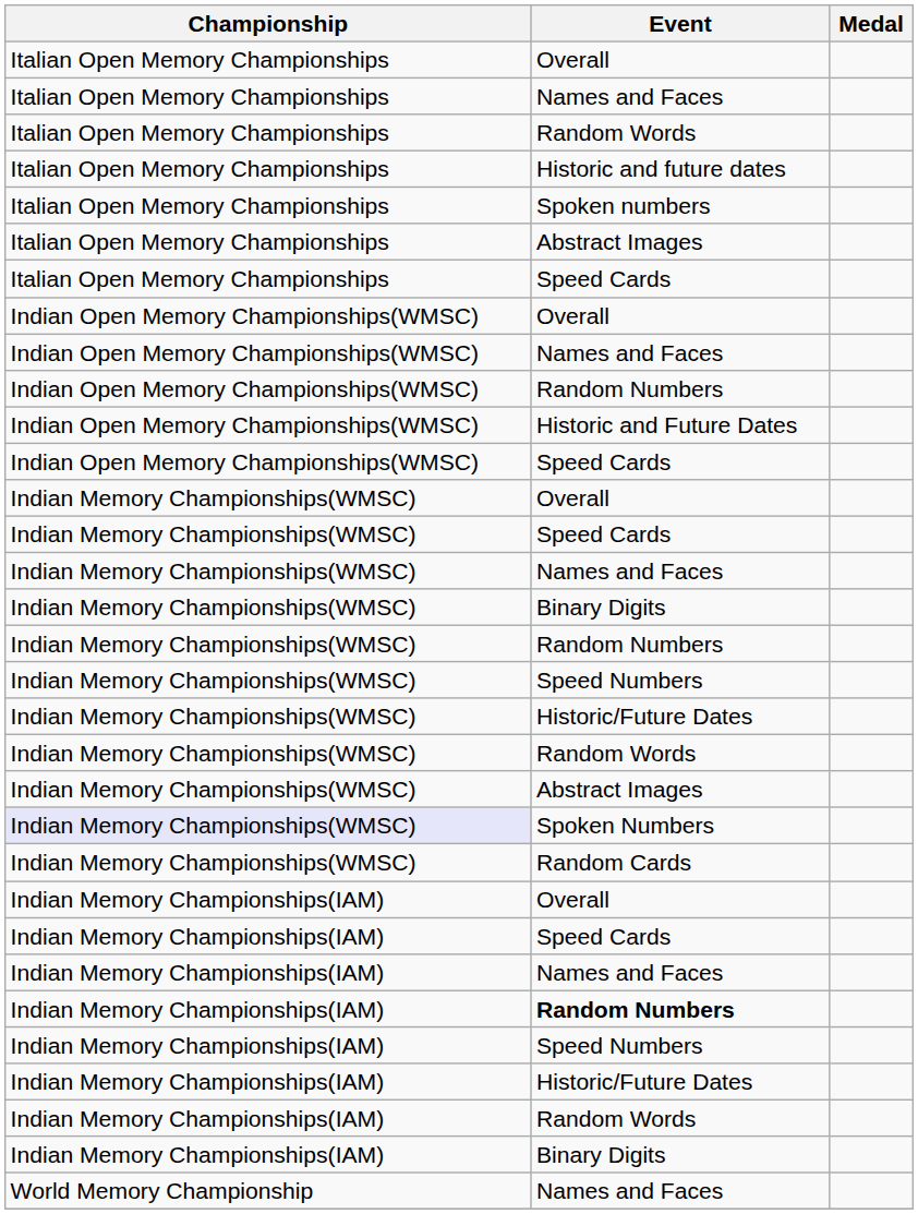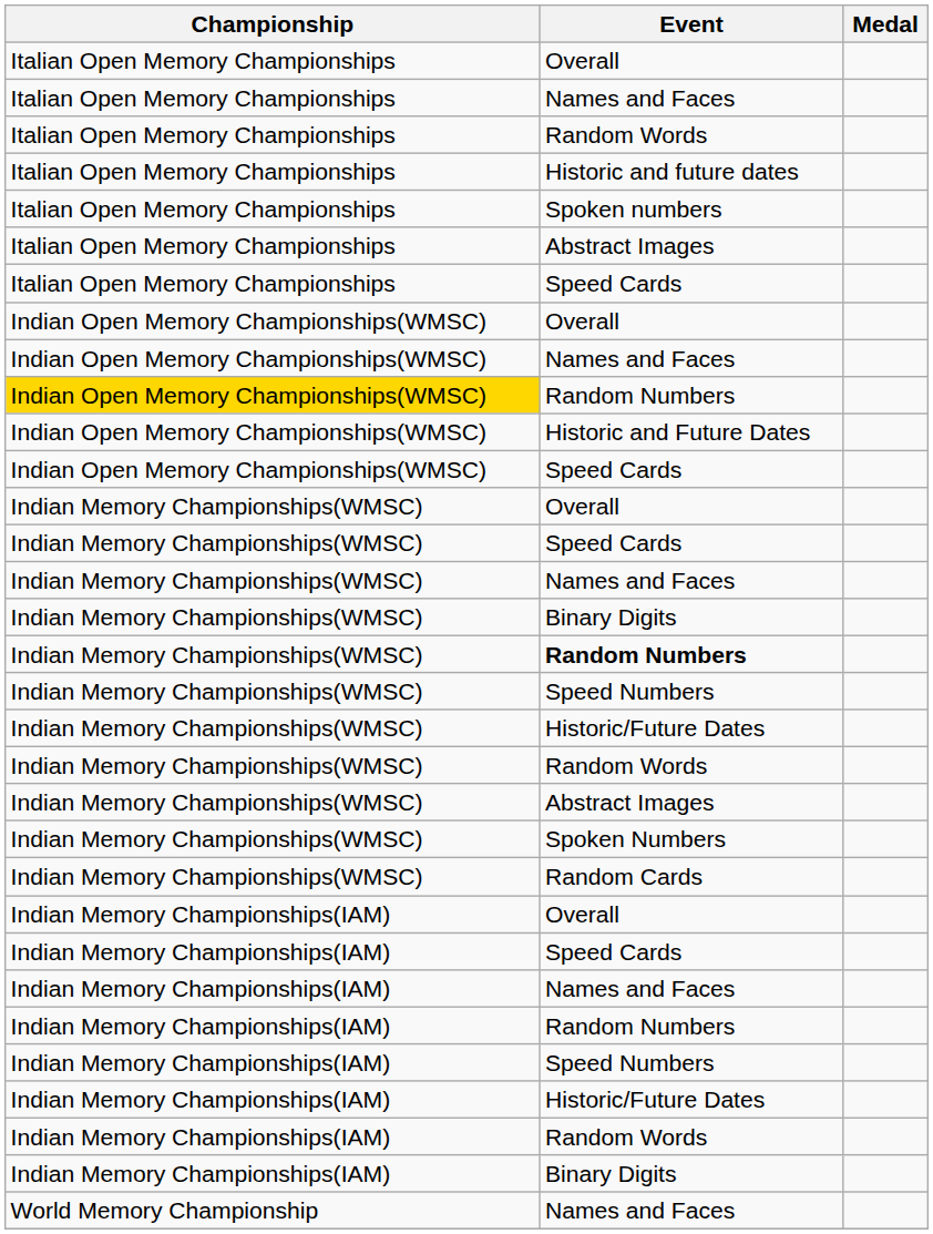 <table class="wikitable sortable"  style="width:600px; font-size:95%;">
 <tr>
 <th style="text-align:center;">Championship</th>
 <th style="text-align:center;">Event</th>
 <th style="text-align:center;">Medal</th>
 </tr>
 <tr>
 <td> Italian Open Memory Championships</td>
 <td>Overall</td>
 <td style="text-align:left;"></td>
 </tr>
 <tr>
 <td> Italian Open Memory Championships</td>
 <td>Names and Faces</td>
 <td style="text-align:left;"></td>
 </tr>
 <tr>
 <td> Italian Open Memory Championships</td>
 <td>Random Words</td>
 <td style="text-align:left;"></td>
 </tr>
 <tr>
 <td> Italian Open Memory Championships</td>
 <td>Historic and future dates</td>
 <td style="text-align:left;"></td>
 </tr>
 <tr>
 <td> Italian Open Memory Championships</td>
 <td>Spoken numbers</td>
 <td style="text-align:left;"></td>
 </tr>
 <tr>
 <td> Italian Open Memory Championships</td>
 <td>Abstract Images</td>
 <td style="text-align:left;"></td>
 </tr>
 <tr>
 <td> Italian Open Memory Championships</td>
 <td>Speed Cards</td>
 <td style="text-align:left;"></td>
 </tr>
 <tr>
 <td> Indian Open Memory Championships(WMSC)</td>
 <td>Overall</td>
 <td style="text-align:left;"></td>
 </tr>
 <tr>
 <td> Indian Open Memory Championships(WMSC)</td>
 <td>Names and Faces</td>
 <td style="text-align:left;"></td>
 </tr>
 <tr>
-<td> Indian Open Memory Championships(WMSC)</td>
+<td style="background: gold;"> Indian Open Memory Championships(WMSC)</td>
 <td>Random Numbers</td>
 <td style="text-align:left;"></td>
 </tr>
 <tr>
 <td> Indian Open Memory Championships(WMSC)</td>
 <td>Historic and Future Dates</td>
 <td style="text-align:left;"></td>
 </tr>
 <tr>
 <td> Indian Open Memory Championships(WMSC)</td>
 <td>Speed Cards</td>
 <td style="text-align:left;"></td>
 </tr>
 <tr>
 <td> Indian Memory Championships(WMSC)</td>
 <td>Overall</td>
 <td style="text-align:left;"></td>
 </tr>
 <tr>
 <td> Indian Memory Championships(WMSC)</td>
 <td>Speed Cards</td>
 <td style="text-align:left;"></td>
 </tr>
 <tr>
 <td> Indian Memory Championships(WMSC)</td>
 <td>Names and Faces</td>
 <td style="text-align:left;"></td>
 </tr>
 <tr>
 <td> Indian Memory Championships(WMSC)</td>
 <td>Binary Digits</td>
 <td style="text-align:left;"></td>
 </tr>
 <tr>
 <td> Indian Memory Championships(WMSC)</td>
-<td>Random Numbers</td>
+<td><strong>Random Numbers</strong></td>
 <td style="text-align:left;"></td>
 </tr>
 <tr>
 <td> Indian Memory Championships(WMSC)</td>
 <td>Speed Numbers</td>
 <td style="text-align:left;"></td>
 </tr>
 <tr>
 <td> Indian Memory Championships(WMSC)</td>
 <td>Historic/Future Dates</td>
 <td style="text-align:left;"></td>
 </tr>
 <tr>
 <td> Indian Memory Championships(WMSC)</td>
 <td>Random Words</td>
 <td style="text-align:left;"></td>
 </tr>
 <tr>
 <td> Indian Memory Championships(WMSC)</td>
 <td>Abstract Images</td>
 <td style="text-align:left;"></td>
 </tr>
 <tr>
-<td style="background: lavender;"> Indian Memory Championships(WMSC)</td>
+<td> Indian Memory Championships(WMSC)</td>
 <td>Spoken Numbers</td>
 <td style="text-align:left;"></td>
 </tr>
 <tr>
 <td> Indian Memory Championships(WMSC)</td>
 <td>Random Cards</td>
 <td style="text-align:left;"></td>
 </tr>
 <tr>
 <td> Indian Memory Championships(IAM)</td>
 <td>Overall</td>
 <td style="text-align:left;"></td>
 </tr>
 <tr>
 <td> Indian Memory Championships(IAM)</td>
 <td>Speed Cards</td>
 <td style="text-align:left;"></td>
 </tr>
 <tr>
 <td> Indian Memory Championships(IAM)</td>
 <td>Names and Faces</td>
 <td style="text-align:left;"></td>
 </tr>
 <tr>
 <td> Indian Memory Championships(IAM)</td>
-<td><strong>Random Numbers</strong></td>
+<td>Random Numbers</td>
 <td style="text-align:left;"></td>
 </tr>
 <tr>
 <td> Indian Memory Championships(IAM)</td>
 <td>Speed Numbers</td>
 <td style="text-align:left;"></td>
 </tr>
 <tr>
 <td> Indian Memory Championships(IAM)</td>
 <td>Historic/Future Dates</td>
 <td style="text-align:left;"></td>
 </tr>
 <tr>
 <td> Indian Memory Championships(IAM)</td>
 <td>Random Words</td>
 <td style="text-align:left;"></td>
 </tr>
 <tr>
 <td> Indian Memory Championships(IAM)</td>
 <td>Binary Digits</td>
 <td style="text-align:left;"></td>
 </tr>
 <tr>
 <td> World Memory Championship</td>
 <td>Names and Faces</td>
 <td style="text-align:left;"></td>
 </tr>
 <tr>
 </tr>
 </table>
